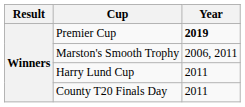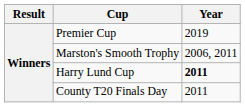 <table class="wikitable" style="font-size:85%">
 <tr>
 <th scope="col">Result</th>
 <th scope="col">Cup</th>
 <th scope="col">Year</th>
 </tr>
 <tr>
 <th scope="row" rowspan=4>Winners</th>
 <td>Premier Cup</td>
-<td><strong>2019</strong></td>
+<td>2019</td>
 </tr>
 <tr>
 <td>Marston's Smooth Trophy</td>
 <td>2006, 2011</td>
 </tr>
 <tr>
 <td>Harry Lund Cup</td>
-<td>2011</td>
+<td><strong>2011</strong></td>
 </tr>
 <tr>
 <td>County T20 Finals Day</td>
 <td>2011</td>
 </tr>
 </table>
